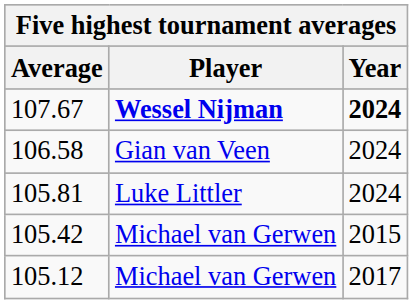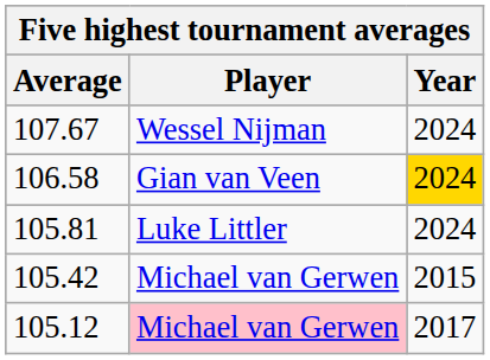 <table class="wikitable sortable">
 <tr>
 <th colspan=5>Five highest tournament averages</th>
 </tr>
 <tr>
 <th>Average</th>
 <th>Player</th>
 <th>Year</th>
 </tr>
 <tr>
 <td>107.67</td>
-<td><strong> <a href='#'>Wessel Nijman</a></strong></td>
-<td><strong>2024</strong></td>
+<td> <a href='#'>Wessel Nijman</a></td>
+<td>2024</td>
 </tr>
 <tr>
 <td>106.58</td>
 <td> <a href='#'>Gian van Veen</a></td>
-<td>2024</td>
+<td style="background: gold;">2024</td>
 </tr>
 <tr>
 <td>105.81</td>
 <td> <a href='#'>Luke Littler</a></td>
 <td>2024</td>
 </tr>
 <tr>
 <td>105.42</td>
 <td> <a href='#'>Michael van Gerwen</a></td>
 <td>2015</td>
 </tr>
 <tr>
 <td>105.12</td>
-<td> <a href='#'>Michael van Gerwen</a></td>
+<td style="background: pink;"> <a href='#'>Michael van Gerwen</a></td>
 <td>2017</td>
 </tr>
 </table>
